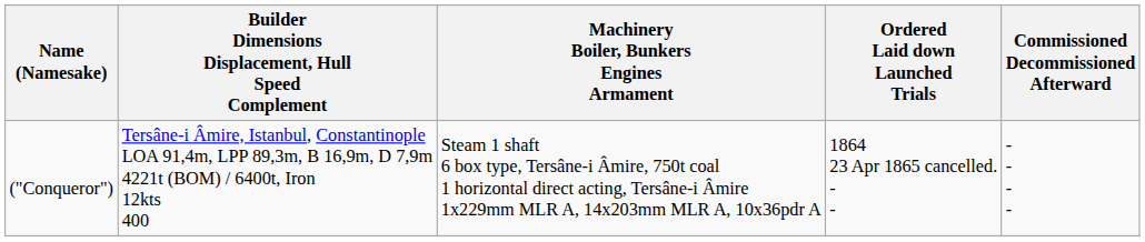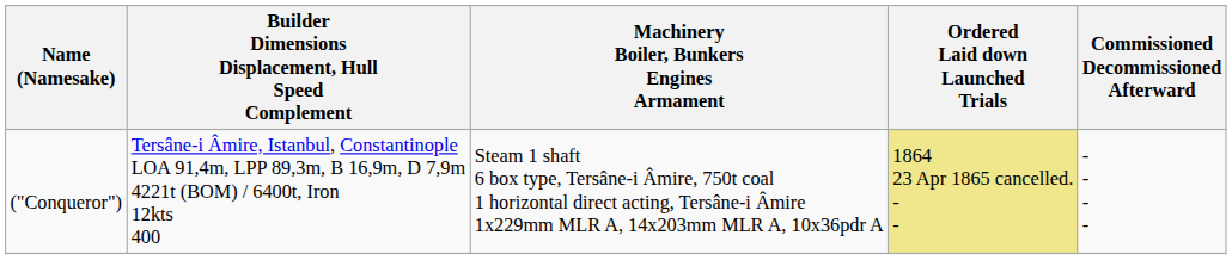 <table class="wikitable" style="font-size:90%;">
 <tr bgcolor="#e6e9ff">
 <th>Name<br>(Namesake)</th>
 <th>Builder<br>Dimensions<br>Displacement, Hull<br>Speed<br>Complement</th>
 <th>Machinery<br>Boiler, Bunkers<br>Engines<br>Armament</th>
 <th>Ordered<br>Laid down<br>Launched<br>Trials</th>
 <th>Commissioned<br>Decommissioned<br>Afterward</th>
 </tr>
 <tr ---->
 <td><br>("Conqueror")</td>
 <td> <a href='#'>Tersâne-i Âmire, Istanbul</a>, <a href='#'>Constantinople</a><br>LOA 91,4m, LPP 89,3m, B 16,9m, D 7,9m<br>4221t (BOM) / 6400t, Iron<br>12kts<br>400</td>
 <td>Steam 1 shaft<br>6 box type, Tersâne-i Âmire, 750t coal<br>1 horizontal direct acting, Tersâne-i Âmire<br>1x229mm MLR A, 14x203mm MLR A, 10x36pdr A</td>
-<td>1864<br>23 Apr 1865 cancelled.<br>-<br>-</td>
+<td style="background: khaki;">1864<br>23 Apr 1865 cancelled.<br>-<br>-</td>
 <td>-<br>-<br>-<br>-</td>
 </tr>
 <tr ---->
 </tr>
 </table>
